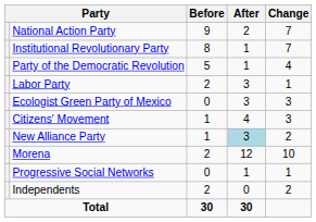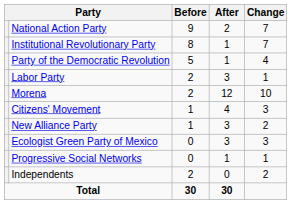 <table class="wikitable" style="text-align:center;">
 <tr>
 <th colspan="2">Party</th>
 <th style="width:3em">Before</th>
 <th style="width:3em">After</th>
 <th style="width:3em">Change</th>
 </tr>
 <tr>
 <th style="background-color:"></th>
 <td style="text-align:left;"><a href='#'>National Action Party</a></td>
 <td>9</td>
 <td>2</td>
 <td>7</td>
 </tr>
 <tr>
 <th style="background-color:"></th>
 <td style="text-align:left;"><a href='#'>Institutional Revolutionary Party</a></td>
 <td>8</td>
 <td>1</td>
 <td>7</td>
 </tr>
 <tr>
 <th style="background-color:"></th>
 <td style="text-align:left;"><a href='#'>Party of the Democratic Revolution</a></td>
 <td>5</td>
 <td>1</td>
 <td>4</td>
 </tr>
 <tr>
 <th style="background-color:"></th>
 <td style="text-align:left;"><a href='#'>Labor Party</a></td>
 <td>2</td>
 <td>3</td>
 <td>1</td>
 </tr>
 <tr>
 <th style="background-color:"></th>
-<td style="text-align:left;"><a href='#'>Ecologist Green Party of Mexico</a></td>
-<td>0</td>
-<td>3</td>
-<td>3</td>
+<td style="text-align:left;"><a href='#'>Morena</a></td>
+<td>2</td>
+<td>12</td>
+<td>10</td>
 </tr>
 <tr>
 <th style="background-color:"></th>
 <td style="text-align:left;"><a href='#'>Citizens' Movement</a></td>
 <td>1</td>
 <td>4</td>
 <td>3</td>
 </tr>
 <tr>
 <th style="background-color:"></th>
 <td style="text-align:left;"><a href='#'>New Alliance Party</a></td>
 <td>1</td>
-<td style="background: lightblue;">3</td>
+<td>3</td>
 <td>2</td>
 </tr>
 <tr>
 <th style="background-color:"></th>
-<td style="text-align:left;"><a href='#'>Morena</a></td>
-<td>2</td>
-<td>12</td>
-<td>10</td>
+<td style="text-align:left;"><a href='#'>Ecologist Green Party of Mexico</a></td>
+<td>0</td>
+<td>3</td>
+<td>3</td>
 </tr>
 <tr>
 <th style="background-color:"></th>
 <td style="text-align:left;"><a href='#'>Progressive Social Networks</a></td>
 <td>0</td>
 <td>1</td>
 <td>1</td>
 </tr>
 <tr>
 <th style="background-color:"></th>
 <td style="text-align:left;">Independents</td>
 <td>2</td>
 <td>0</td>
 <td>2</td>
 </tr>
 <tr>
 <td colspan="2"><strong>Total</strong></td>
 <td><strong>30</strong></td>
 <td><strong>30</strong></td>
 <td></td>
 </tr>
 </table>
